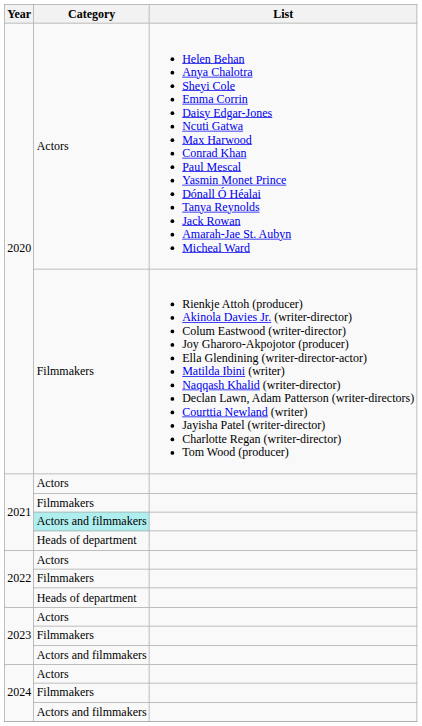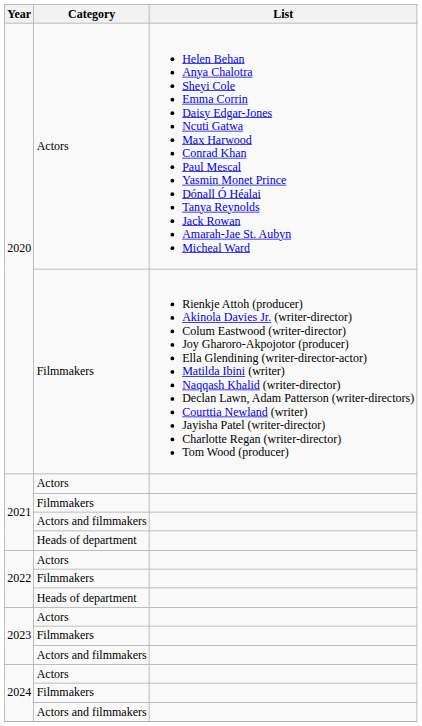 <table class="wikitable sortable">
 <tr>
 <th>Year</th>
 <th>Category</th>
 <th>List</th>
 </tr>
 <tr>
 <td rowspan="2">2020</td>
 <td>Actors</td>
 <td><br><ul><li><a href='#'>Helen Behan</a></li><li><a href='#'>Anya Chalotra</a></li><li><a href='#'>Sheyi Cole</a></li><li><a href='#'>Emma Corrin</a></li><li><a href='#'>Daisy Edgar-Jones</a></li><li><a href='#'>Ncuti Gatwa</a></li><li><a href='#'>Max Harwood</a></li><li><a href='#'>Conrad Khan</a></li><li><a href='#'>Paul Mescal</a></li><li><a href='#'>Yasmin Monet Prince</a></li><li><a href='#'>Dónall Ó Héalai</a></li><li><a href='#'>Tanya Reynolds</a></li><li><a href='#'>Jack Rowan</a></li><li><a href='#'>Amarah-Jae St. Aubyn</a></li><li><a href='#'>Micheal Ward</a></li></ul></td>
 </tr>
 <tr>
 <td>Filmmakers</td>
 <td><br><ul><li>Rienkje Attoh (producer)</li><li><a href='#'>Akinola Davies Jr.</a> (writer-director)</li><li>Colum Eastwood (writer-director)</li><li>Joy Gharoro-Akpojotor (producer)</li><li>Ella Glendining (writer-director-actor)</li><li><a href='#'>Matilda Ibini</a> (writer)</li><li><a href='#'>Naqqash Khalid</a> (writer-director)</li><li>Declan Lawn, Adam Patterson (writer-directors)</li><li><a href='#'>Courttia Newland</a> (writer)</li><li>Jayisha Patel (writer-director)</li><li>Charlotte Regan (writer-director)</li><li>Tom Wood (producer)</li></ul></td>
 </tr>
 <tr>
 <td rowspan="4">2021</td>
 <td>Actors</td>
 <td></td>
 </tr>
 <tr>
 <td>Filmmakers</td>
 <td></td>
 </tr>
 <tr>
-<td style="background: paleturquoise;">Actors and filmmakers</td>
+<td>Actors and filmmakers</td>
 <td></td>
 </tr>
 <tr>
 <td>Heads of department</td>
 <td></td>
 </tr>
 <tr>
 <td rowspan="3">2022</td>
 <td>Actors</td>
 <td></td>
 </tr>
 <tr>
 <td>Filmmakers</td>
 <td></td>
 </tr>
 <tr>
 <td>Heads of department</td>
 <td></td>
 </tr>
 <tr>
 <td rowspan="3">2023</td>
 <td>Actors</td>
 <td></td>
 </tr>
 <tr>
 <td>Filmmakers</td>
 <td></td>
 </tr>
 <tr>
 <td>Actors and filmmakers</td>
 <td></td>
 </tr>
 <tr>
 <td rowspan="3">2024</td>
 <td>Actors</td>
 <td></td>
 </tr>
 <tr>
 <td>Filmmakers</td>
 <td></td>
 </tr>
 <tr>
 <td>Actors and filmmakers</td>
 <td></td>
 </tr>
 <tr>
 </tr>
 </table>
